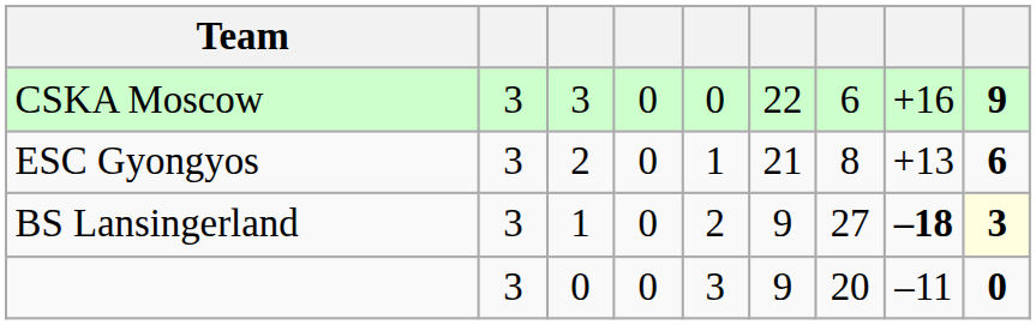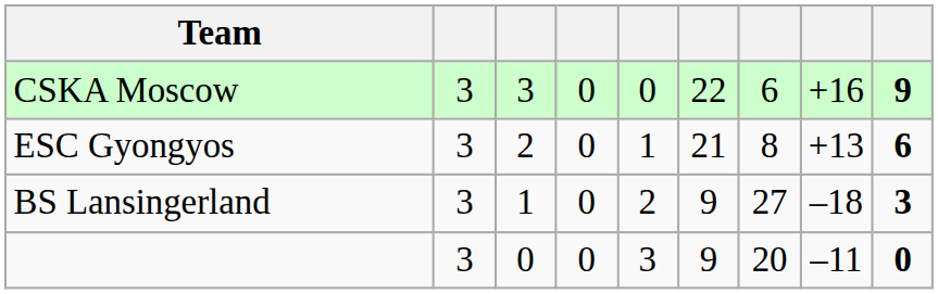 <table class="wikitable" style="text-align: center;">
 <tr>
 <th width="185">Team</th>
 <th width="20"></th>
 <th width="20"></th>
 <th width="20"></th>
 <th width="20"></th>
 <th width="20"></th>
 <th width="20"></th>
 <th width="25"></th>
 <th width="20"></th>
 </tr>
 <tr bgcolor=#ccffcc>
 <td align=left> CSKA Moscow</td>
 <td>3</td>
 <td>3</td>
 <td>0</td>
 <td>0</td>
 <td>22</td>
 <td>6</td>
 <td>+16</td>
 <td><strong>9</strong></td>
 </tr>
 <tr>
 <td align=left> ESC Gyongyos</td>
 <td>3</td>
 <td>2</td>
 <td>0</td>
 <td>1</td>
 <td>21</td>
 <td>8</td>
 <td>+13</td>
 <td><strong>6</strong></td>
 </tr>
 <tr>
 <td align=left> BS Lansingerland</td>
 <td>3</td>
 <td>1</td>
 <td>0</td>
 <td>2</td>
 <td>9</td>
 <td>27</td>
-<td><strong>–18</strong></td>
-<td style="background: lightyellow;"><strong>3</strong></td>
+<td>–18</td>
+<td><strong>3</strong></td>
 </tr>
 <tr>
 <td align=left></td>
 <td>3</td>
 <td>0</td>
 <td>0</td>
 <td>3</td>
 <td>9</td>
 <td>20</td>
 <td>–11</td>
 <td><strong>0</strong></td>
 </tr>
 </table>
